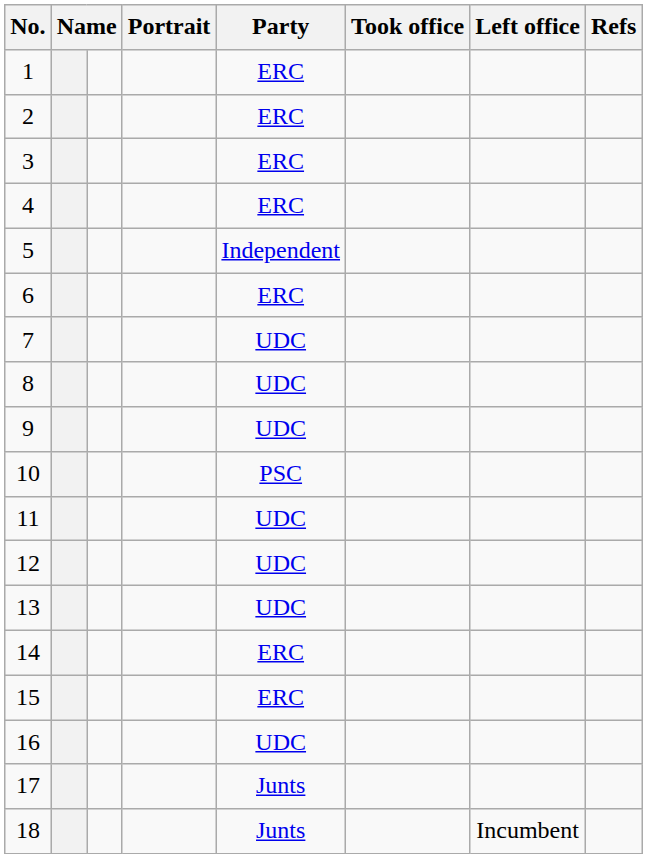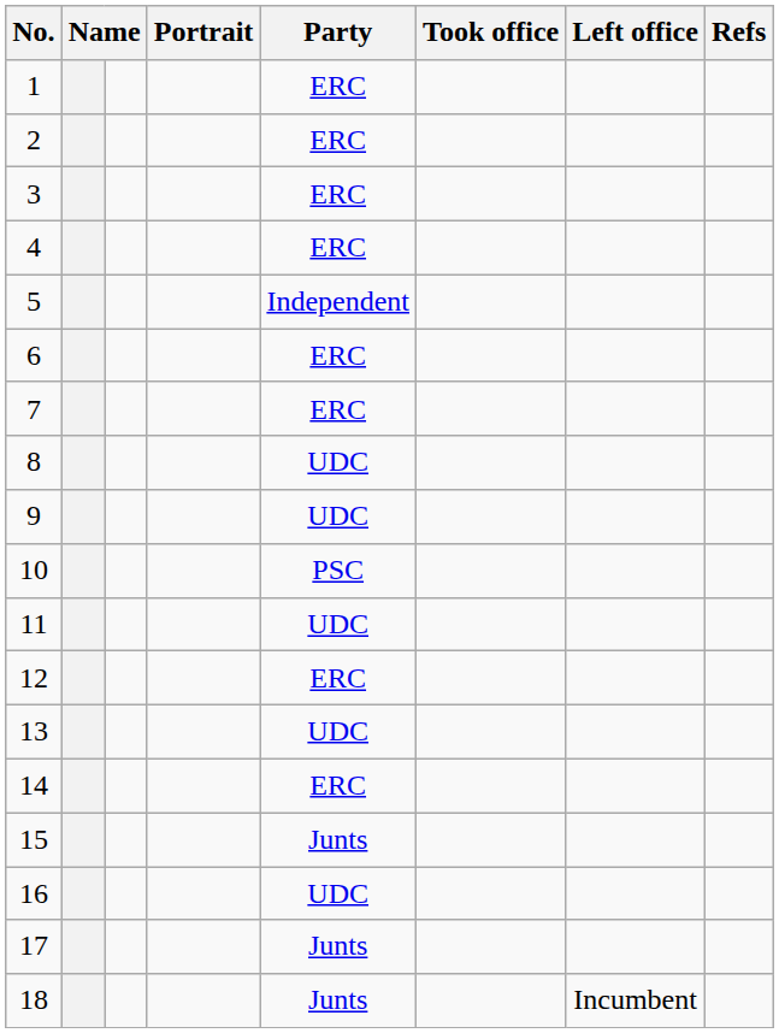 <table class="wikitable" style="line-height:1.4em; text-align:center; border:1px #aaf solid;">
 <tr>
 <th>No.</th>
 <th colspan="2">Name</th>
 <th>Portrait</th>
 <th>Party</th>
 <th>Took office</th>
 <th>Left office</th>
 <th>Refs</th>
 </tr>
 <tr>
 <td>1</td>
 <th style="background:"></th>
 <td></td>
 <td></td>
 <td><a href='#'>ERC</a></td>
 <td></td>
 <td></td>
 <td></td>
 </tr>
 <tr>
 <td>2</td>
 <th style="background:"></th>
 <td></td>
 <td></td>
 <td><a href='#'>ERC</a></td>
 <td></td>
 <td></td>
 <td></td>
 </tr>
 <tr>
 <td>3</td>
 <th style="background:"></th>
 <td></td>
 <td></td>
 <td><a href='#'>ERC</a></td>
 <td></td>
 <td></td>
 <td></td>
 </tr>
 <tr>
 <td>4</td>
 <th style="background:"></th>
 <td></td>
 <td></td>
 <td><a href='#'>ERC</a></td>
 <td></td>
 <td></td>
 <td></td>
 </tr>
 <tr>
 <td>5</td>
 <th style="background:"></th>
 <td></td>
 <td></td>
 <td><a href='#'>Independent</a></td>
 <td></td>
 <td></td>
 <td></td>
 </tr>
 <tr>
 <td>6</td>
 <th style="background:"></th>
 <td></td>
 <td></td>
 <td><a href='#'>ERC</a></td>
 <td></td>
 <td></td>
 <td></td>
 </tr>
 <tr>
 <td>7</td>
 <th style="background:"></th>
 <td></td>
 <td></td>
-<td><a href='#'>UDC</a></td>
+<td><a href='#'>ERC</a></td>
 <td></td>
 <td></td>
 <td></td>
 </tr>
 <tr>
 <td>8</td>
 <th style="background:"></th>
 <td></td>
 <td></td>
 <td><a href='#'>UDC</a></td>
 <td></td>
 <td></td>
 <td></td>
 </tr>
 <tr>
 <td>9</td>
 <th style="background:"></th>
 <td></td>
 <td></td>
 <td><a href='#'>UDC</a></td>
 <td></td>
 <td></td>
 <td></td>
 </tr>
 <tr>
 <td>10</td>
 <th style="background:"></th>
 <td></td>
 <td></td>
 <td><a href='#'>PSC</a></td>
 <td></td>
 <td></td>
 <td></td>
 </tr>
 <tr>
 <td>11</td>
 <th style="background:"></th>
 <td></td>
 <td></td>
 <td><a href='#'>UDC</a></td>
 <td></td>
 <td></td>
 <td></td>
 </tr>
 <tr>
 <td>12</td>
 <th style="background:"></th>
 <td></td>
 <td></td>
-<td><a href='#'>UDC</a></td>
+<td><a href='#'>ERC</a></td>
 <td></td>
 <td></td>
 <td></td>
 </tr>
 <tr>
 <td>13</td>
 <th style="background:"></th>
 <td></td>
 <td></td>
 <td><a href='#'>UDC</a></td>
 <td></td>
 <td></td>
 <td></td>
 </tr>
 <tr>
 <td>14</td>
 <th style="background:"></th>
 <td></td>
 <td></td>
 <td><a href='#'>ERC</a></td>
 <td></td>
 <td></td>
 <td></td>
 </tr>
 <tr>
 <td>15</td>
 <th style="background:"></th>
 <td></td>
 <td></td>
-<td><a href='#'>ERC</a></td>
+<td><a href='#'>Junts</a></td>
 <td></td>
 <td></td>
 <td></td>
 </tr>
 <tr>
 <td>16</td>
 <th style="background:"></th>
 <td></td>
 <td></td>
 <td><a href='#'>UDC</a></td>
 <td></td>
 <td></td>
 <td></td>
 </tr>
 <tr>
 <td>17</td>
 <th style="background:"></th>
 <td></td>
 <td></td>
 <td><a href='#'>Junts</a></td>
 <td></td>
 <td></td>
 <td></td>
 </tr>
 <tr>
 <td>18</td>
 <th style="background:"></th>
 <td></td>
 <td></td>
 <td><a href='#'>Junts</a></td>
 <td></td>
 <td>Incumbent</td>
 <td></td>
 </tr>
 </table>
